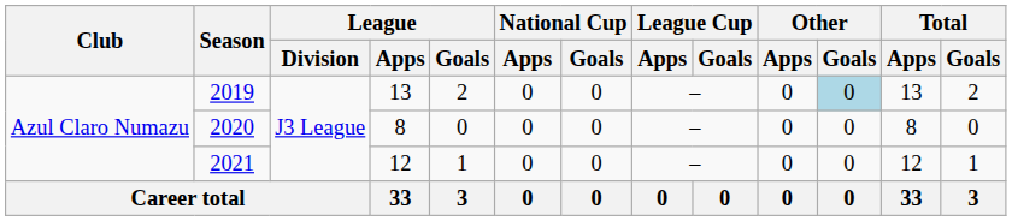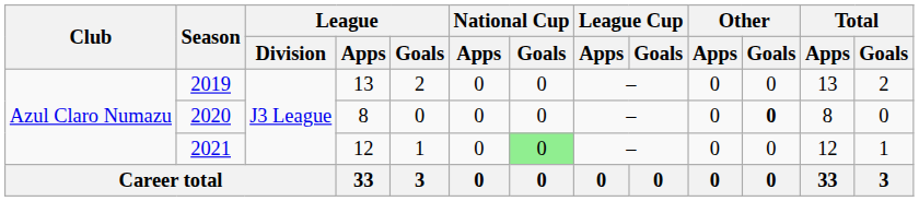 <table class="wikitable" style="text-align: center">
 <tr>
 <th rowspan="2">Club</th>
 <th rowspan="2">Season</th>
 <th colspan="3">League</th>
 <th colspan="2">National Cup</th>
 <th colspan="2">League Cup</th>
 <th colspan="2">Other</th>
 <th colspan="2">Total</th>
 </tr>
 <tr>
 <th>Division</th>
 <th>Apps</th>
 <th>Goals</th>
 <th>Apps</th>
 <th>Goals</th>
 <th>Apps</th>
 <th>Goals</th>
 <th>Apps</th>
 <th>Goals</th>
 <th>Apps</th>
 <th>Goals</th>
 </tr>
 <tr>
 <td rowspan="3"><a href='#'>Azul Claro Numazu</a></td>
 <td><a href='#'>2019</a></td>
 <td rowspan="3"><a href='#'>J3 League</a></td>
 <td>13</td>
 <td>2</td>
 <td>0</td>
 <td>0</td>
 <td colspan="2">–</td>
 <td>0</td>
-<td style="background: lightblue;">0</td>
+<td>0</td>
 <td>13</td>
 <td>2</td>
 </tr>
 <tr>
 <td><a href='#'>2020</a></td>
 <td>8</td>
 <td>0</td>
 <td>0</td>
 <td>0</td>
 <td colspan="2">–</td>
 <td>0</td>
-<td>0</td>
+<td><strong>0</strong></td>
 <td>8</td>
 <td>0</td>
 </tr>
 <tr>
 <td><a href='#'>2021</a></td>
 <td>12</td>
 <td>1</td>
 <td>0</td>
-<td>0</td>
+<td style="background: lightgreen;">0</td>
 <td colspan="2">–</td>
 <td>0</td>
 <td>0</td>
 <td>12</td>
 <td>1</td>
 </tr>
 <tr>
 <th colspan=3>Career total</th>
 <th>33</th>
 <th>3</th>
 <th>0</th>
 <th>0</th>
 <th>0</th>
 <th>0</th>
 <th>0</th>
 <th>0</th>
 <th>33</th>
 <th>3</th>
 </tr>
 </table>
